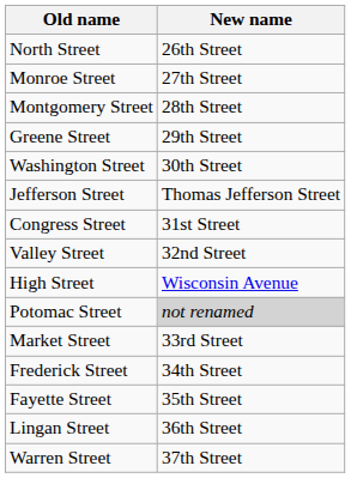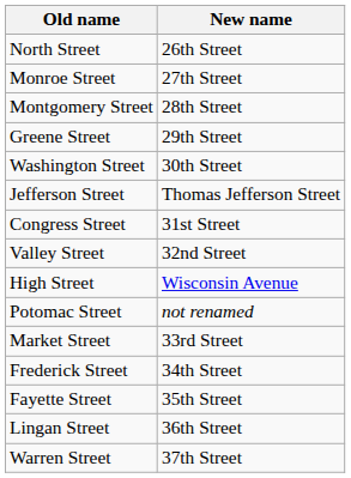 <table class="wikitable">
 <tr>
 <th>Old name</th>
 <th>New name</th>
 </tr>
 <tr>
 <td>North Street</td>
 <td>26th Street</td>
 </tr>
 <tr>
 <td>Monroe Street</td>
 <td>27th Street</td>
 </tr>
 <tr>
 <td>Montgomery Street</td>
 <td>28th Street</td>
 </tr>
 <tr>
 <td>Greene Street</td>
 <td>29th Street</td>
 </tr>
 <tr>
 <td>Washington Street</td>
 <td>30th Street</td>
 </tr>
 <tr>
 <td>Jefferson Street</td>
 <td>Thomas Jefferson Street</td>
 </tr>
 <tr>
 <td>Congress Street</td>
 <td>31st Street</td>
 </tr>
 <tr>
 <td>Valley Street</td>
 <td>32nd Street</td>
 </tr>
 <tr>
 <td>High Street</td>
 <td><a href='#'>Wisconsin Avenue</a></td>
 </tr>
 <tr>
 <td>Potomac Street</td>
-<td style="background: lightgrey;"><em>not renamed</em></td>
+<td><em>not renamed</em></td>
 </tr>
 <tr>
 <td>Market Street</td>
 <td>33rd Street</td>
 </tr>
 <tr>
 <td>Frederick Street</td>
 <td>34th Street</td>
 </tr>
 <tr>
 <td>Fayette Street</td>
 <td>35th Street</td>
 </tr>
 <tr>
 <td>Lingan Street</td>
 <td>36th Street</td>
 </tr>
 <tr>
 <td>Warren Street</td>
 <td>37th Street</td>
 </tr>
 </table>
